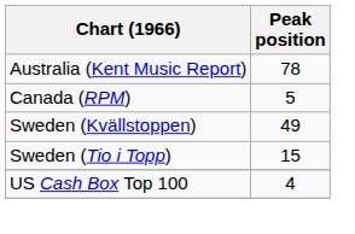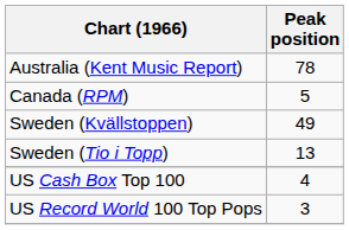 <table class="wikitable sortable">
 <tr>
 <th>Chart (1966)</th>
 <th>Peak<br>position</th>
 </tr>
 <tr>
 <td>Australia (<a href='#'>Kent Music Report</a>)</td>
 <td style="text-align:center">78</td>
 </tr>
 <tr>
 <td>Canada (<a href='#'><em>RPM</em></a>)</td>
 <td style="text-align:center">5</td>
 </tr>
 <tr>
 <td>Sweden (<a href='#'>Kvällstoppen</a>)</td>
 <td style="text-align:center">49</td>
 </tr>
 <tr>
 <td>Sweden (<em><a href='#'>Tio i Topp</a></em>)</td>
-<td style="text-align:center">15</td>
+<td style="text-align:center">13</td>
 </tr>
 <tr>
 </tr>
 <tr>
 <td>US <em><a href='#'>Cash Box</a></em> Top 100</td>
 <td style="text-align:center">4</td>
 </tr>
 <tr>
+<td>US <em><a href='#'>Record World</a></em> 100 Top Pops</td>
+<td style="text-align:center">3</td>
+</tr>
+<tr>
 </tr>
 </table>
